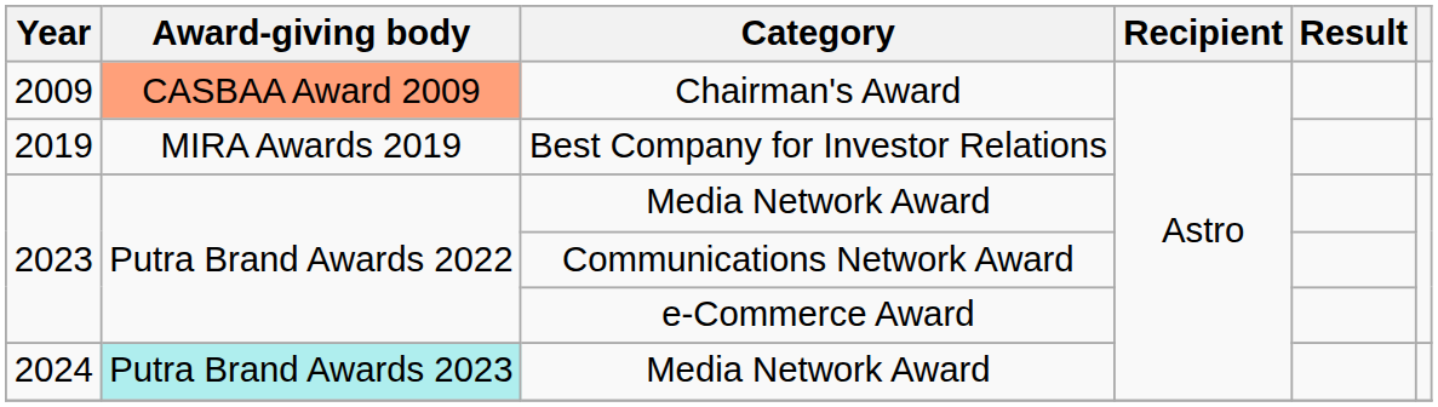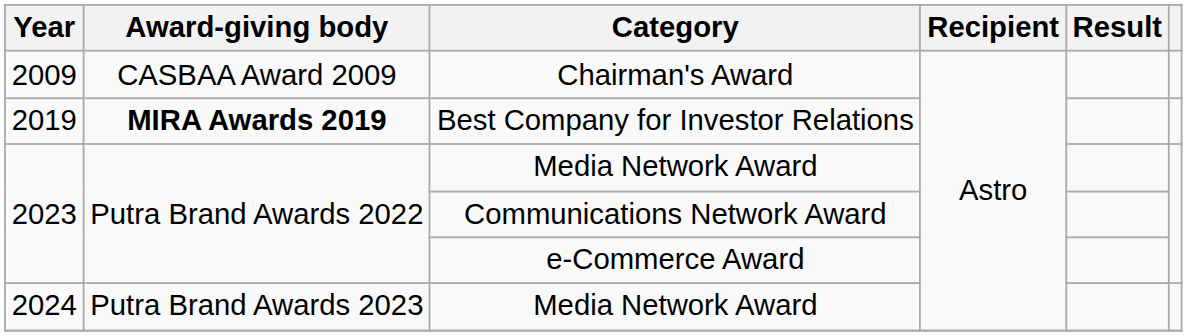 <table class="wikitable" style="text-align:center">
 <tr>
 <th>Year</th>
 <th>Award-giving body</th>
 <th>Category</th>
 <th>Recipient</th>
 <th>Result</th>
 <th></th>
 </tr>
 <tr>
 <td>2009</td>
-<td style="background: lightsalmon;">CASBAA Award 2009</td>
+<td>CASBAA Award 2009</td>
 <td>Chairman's Award</td>
 <td rowspan="6">Astro</td>
 <td></td>
 <td></td>
 </tr>
 <tr>
 <td>2019</td>
-<td>MIRA Awards 2019</td>
+<td><strong>MIRA Awards 2019</strong></td>
 <td>Best Company for Investor Relations</td>
 <td></td>
 <td></td>
 </tr>
 <tr>
 <td rowspan="3">2023</td>
 <td rowspan="3">Putra Brand Awards 2022</td>
 <td>Media Network Award</td>
 <td></td>
 <td rowspan="3"></td>
 </tr>
 <tr>
 <td>Communications Network Award</td>
 <td></td>
 </tr>
 <tr>
 <td>e-Commerce Award</td>
 <td></td>
 </tr>
 <tr>
 <td>2024</td>
-<td style="background: paleturquoise;">Putra Brand Awards 2023</td>
+<td>Putra Brand Awards 2023</td>
 <td>Media Network Award</td>
 <td></td>
 <td></td>
 </tr>
 <tr>
 </tr>
 </table>
